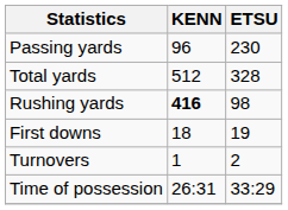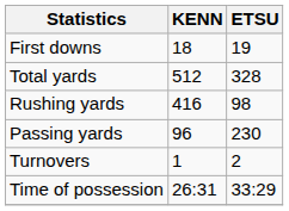 <table class="wikitable">
 <tr>
 <th>Statistics</th>
 <th>KENN</th>
 <th>ETSU</th>
 </tr>
 <tr>
-<td>Passing yards</td>
-<td>96</td>
-<td>230</td>
+<td>First downs</td>
+<td>18</td>
+<td>19</td>
 </tr>
 <tr>
 <td>Total yards</td>
 <td>512</td>
 <td>328</td>
 </tr>
 <tr>
 <td>Rushing yards</td>
-<td><strong>416</strong></td>
+<td>416</td>
 <td>98</td>
 </tr>
 <tr>
-<td>First downs</td>
-<td>18</td>
-<td>19</td>
+<td>Passing yards</td>
+<td>96</td>
+<td>230</td>
 </tr>
 <tr>
 <td>Turnovers</td>
 <td>1</td>
 <td>2</td>
 </tr>
 <tr>
 <td>Time of possession</td>
 <td>26:31</td>
 <td>33:29</td>
 </tr>
 <tr>
 </tr>
 </table>
